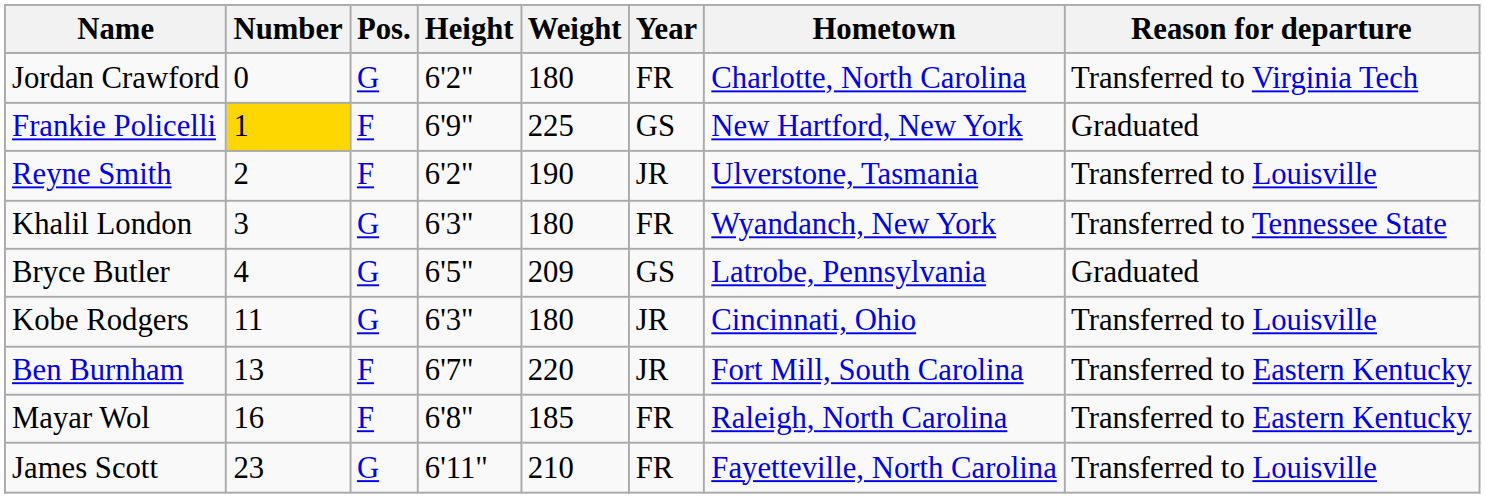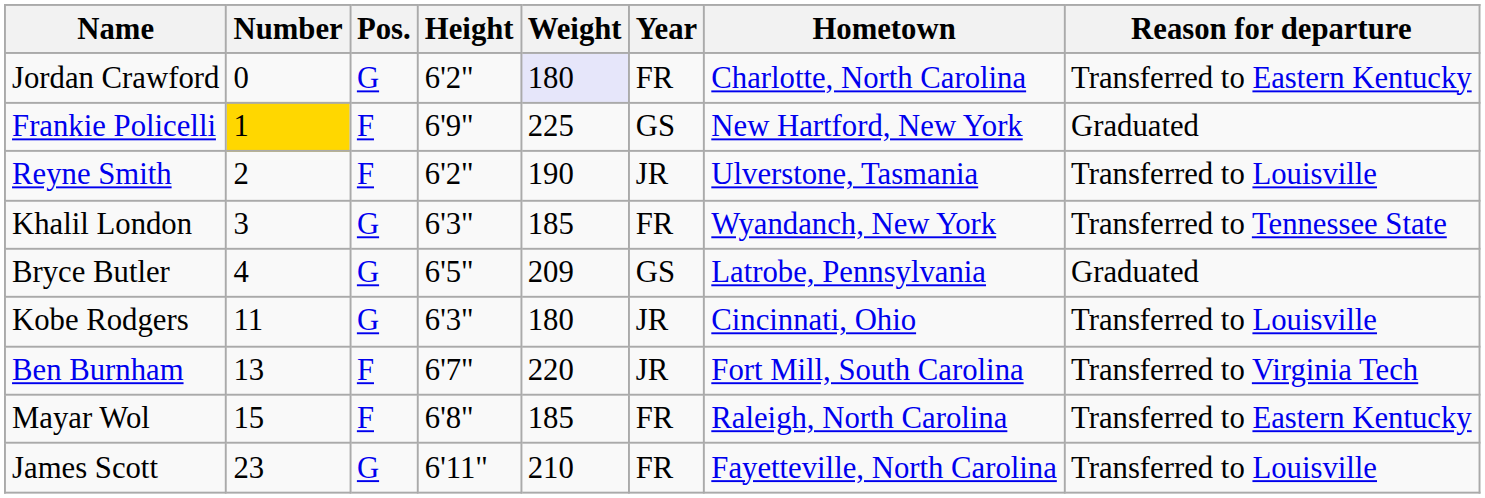 <table class="wikitable sortable" border="1">
 <tr align=center>
 <th>Name</th>
 <th>Number</th>
 <th>Pos.</th>
 <th>Height</th>
 <th>Weight</th>
 <th>Year</th>
 <th>Hometown</th>
 <th>Reason for departure</th>
 </tr>
 <tr>
 <td>Jordan Crawford</td>
 <td>0</td>
 <td><a href='#'>G</a></td>
 <td>6'2"</td>
-<td>180</td>
+<td style="background: lavender;">180</td>
 <td>FR</td>
 <td><a href='#'>Charlotte, North Carolina</a></td>
-<td>Transferred to <a href='#'>Virginia Tech</a></td>
+<td>Transferred to <a href='#'>Eastern Kentucky</a></td>
 </tr>
 <tr>
 <td sortname><a href='#'>Frankie Policelli</a></td>
 <td style="background: gold;">1</td>
 <td><a href='#'>F</a></td>
 <td>6'9"</td>
 <td>225</td>
 <td>GS</td>
 <td><a href='#'>New Hartford, New York</a></td>
 <td>Graduated</td>
 </tr>
 <tr>
 <td sortname><a href='#'>Reyne Smith</a></td>
 <td>2</td>
 <td><a href='#'>F</a></td>
 <td>6'2"</td>
 <td>190</td>
 <td>JR</td>
 <td><a href='#'>Ulverstone, Tasmania</a></td>
 <td>Transferred to <a href='#'>Louisville</a></td>
 </tr>
 <tr>
 <td>Khalil London</td>
 <td>3</td>
 <td><a href='#'>G</a></td>
 <td>6'3"</td>
-<td>180</td>
+<td>185</td>
 <td>FR</td>
 <td><a href='#'>Wyandanch, New York</a></td>
 <td>Transferred to <a href='#'>Tennessee State</a></td>
 </tr>
 <tr>
 <td sortname>Bryce Butler</td>
 <td>4</td>
 <td><a href='#'>G</a></td>
 <td>6'5"</td>
 <td>209</td>
 <td>GS</td>
 <td><a href='#'>Latrobe, Pennsylvania</a></td>
 <td>Graduated</td>
 </tr>
 <tr>
 <td>Kobe Rodgers</td>
 <td>11</td>
 <td><a href='#'>G</a></td>
 <td>6'3"</td>
 <td>180</td>
 <td>JR</td>
 <td><a href='#'>Cincinnati, Ohio</a></td>
 <td>Transferred to <a href='#'>Louisville</a></td>
 </tr>
 <tr>
 <td sortname><a href='#'>Ben Burnham</a></td>
 <td>13</td>
 <td><a href='#'>F</a></td>
 <td>6'7"</td>
 <td>220</td>
 <td>JR</td>
 <td><a href='#'>Fort Mill, South Carolina</a></td>
-<td>Transferred to <a href='#'>Eastern Kentucky</a></td>
+<td>Transferred to <a href='#'>Virginia Tech</a></td>
 </tr>
 <tr>
 <td>Mayar Wol</td>
-<td>16</td>
+<td>15</td>
 <td><a href='#'>F</a></td>
 <td>6'8"</td>
 <td>185</td>
 <td>FR</td>
 <td><a href='#'>Raleigh, North Carolina</a></td>
 <td>Transferred to <a href='#'>Eastern Kentucky</a></td>
 </tr>
 <tr>
 <td sortname>James Scott</td>
 <td>23</td>
 <td><a href='#'>G</a></td>
 <td>6'11"</td>
 <td>210</td>
 <td>FR</td>
 <td><a href='#'>Fayetteville, North Carolina</a></td>
 <td>Transferred to <a href='#'>Louisville</a></td>
 </tr>
 </table>
